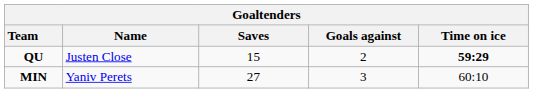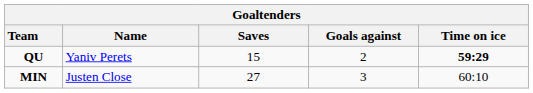 <table class="wikitable" style="width:40em; text-align:right;">
 <tr>
 <th colspan=5>Goaltenders</th>
 </tr>
 <tr>
 <th style="width:4em; text-align:left;">Team</th>
 <th style="width:10em;">Name</th>
 <th style="width:8em;">Saves</th>
 <th style="width:8em;">Goals against</th>
 <th style="width:8em;">Time on ice</th>
 </tr>
 <tr>
 <td align=center><strong>QU</strong></td>
-<td style="text-align:left;"><a href='#'>Justen Close</a></td>
+<td style="text-align:left;"><a href='#'>Yaniv Perets</a></td>
 <td align=center>15</td>
 <td align=center>2</td>
 <td align=center><strong>59:29</strong></td>
 </tr>
 <tr>
 <td align=center><strong>MIN</strong></td>
-<td style="text-align:left;"><a href='#'>Yaniv Perets</a></td>
+<td style="text-align:left;"><a href='#'>Justen Close</a></td>
 <td align=center>27</td>
 <td align=center>3</td>
 <td align=center>60:10</td>
 </tr>
 </table>
